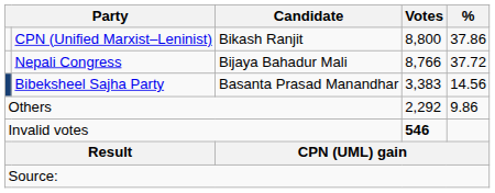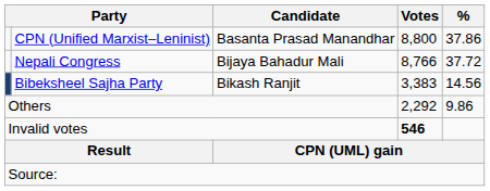 <table class="wikitable">
 <tr>
 <th colspan="2">Party</th>
 <th>Candidate</th>
 <th>Votes</th>
 <th>%</th>
 </tr>
 <tr>
 <td style="background-color:"></td>
 <td><a href='#'>CPN (Unified Marxist–Leninist)</a></td>
-<td>Bikash Ranjit</td>
+<td>Basanta Prasad Manandhar</td>
 <td>8,800</td>
 <td>37.86</td>
 </tr>
 <tr>
 <td style="background-color:"></td>
 <td><a href='#'>Nepali Congress</a></td>
 <td>Bijaya Bahadur Mali</td>
 <td>8,766</td>
 <td>37.72</td>
 </tr>
 <tr>
 <td style="background-color:#183F73"></td>
 <td><a href='#'>Bibeksheel Sajha Party</a></td>
-<td>Basanta Prasad Manandhar</td>
+<td>Bikash Ranjit</td>
 <td>3,383</td>
 <td>14.56</td>
 </tr>
 <tr>
 <td colspan="3">Others</td>
 <td>2,292</td>
 <td>9.86</td>
 </tr>
 <tr>
 <td colspan="3">Invalid votes</td>
 <td><strong>546</strong></td>
 <td></td>
 </tr>
 <tr>
 <th colspan="2">Result</th>
 <th colspan="3">CPN (UML) gain</th>
 </tr>
 <tr>
 <td colspan="5">Source: </td>
 </tr>
 </table>
